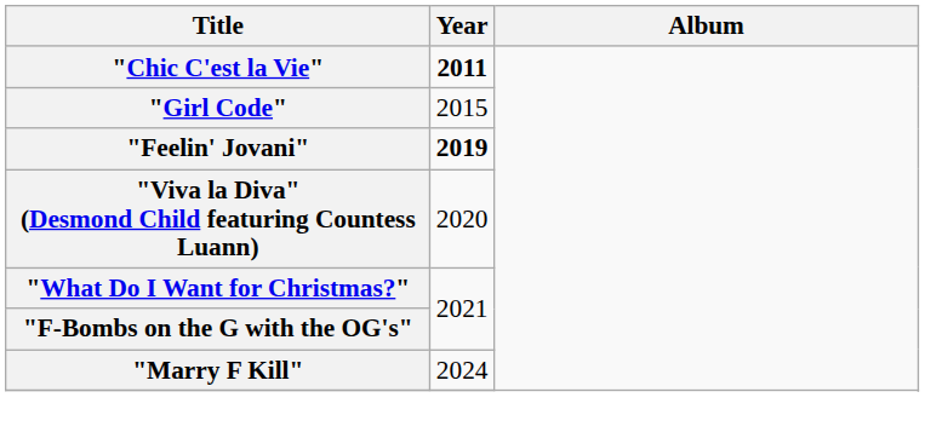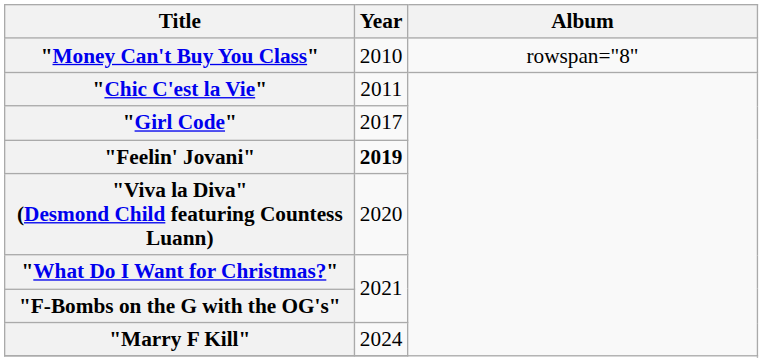 <table class="wikitable plainrowheaders" style="text-align:center">
 <tr>
 <th scope="col" rowspan="1" style="width:16em;">Title</th>
 <th scope="col" rowspan="1" style="width:1em;">Year</th>
 <th scope="col" rowspan="1" style="width:16em;">Album</th>
 </tr>
 <tr>
+<th scope="row">"<a href='#'>Money Can't Buy You Class</a>"</th>
+<td>2010</td>
+<td>rowspan="8" </td>
+</tr>
+<tr>
 <th scope="row">"<a href='#'>Chic C'est la Vie</a>"</th>
-<td><strong>2011</strong></td>
+<td>2011</td>
 </tr>
 <tr>
 <th scope="row">"<a href='#'>Girl Code</a>"</th>
-<td>2015</td>
+<td>2017</td>
 </tr>
 <tr>
 <th scope="row">"Feelin' Jovani"</th>
 <td><strong>2019</strong></td>
 </tr>
 <tr>
 <th scope="row">"Viva la Diva"<br>(<a href='#'>Desmond Child</a> featuring Countess Luann)</th>
 <td>2020</td>
 </tr>
 <tr>
 <th scope="row">"<a href='#'>What Do I Want for Christmas?</a>"</th>
 <td rowspan="2">2021</td>
 </tr>
 <tr>
 <th scope="row">"F-Bombs on the G with the OG's"</th>
 </tr>
 <tr>
 <th scope="row">"Marry F Kill"</th>
 <td>2024</td>
 </tr>
 <tr>
 </tr>
 </table>
